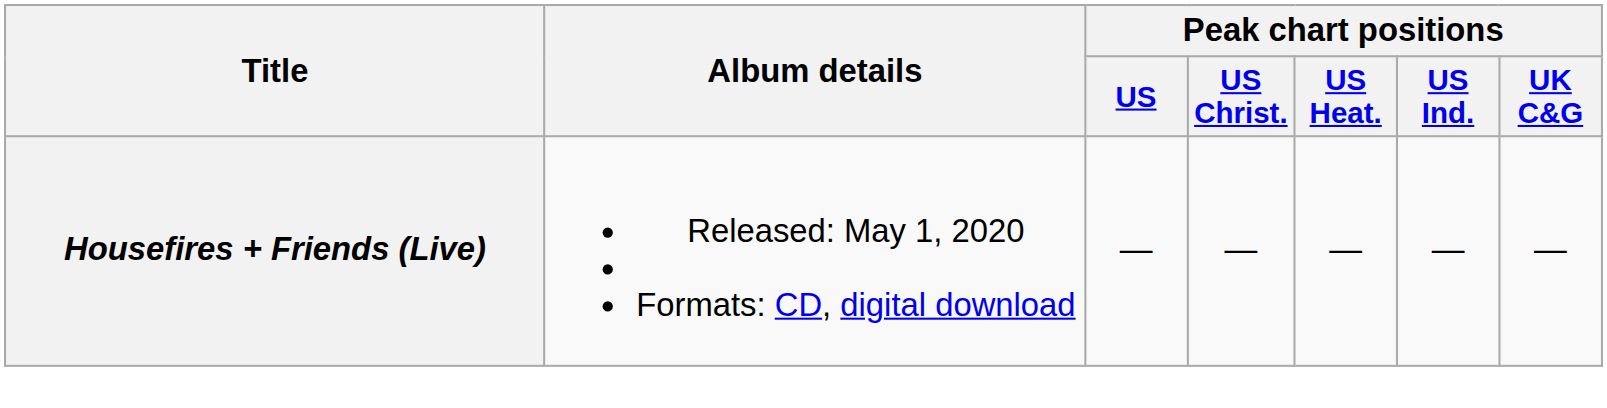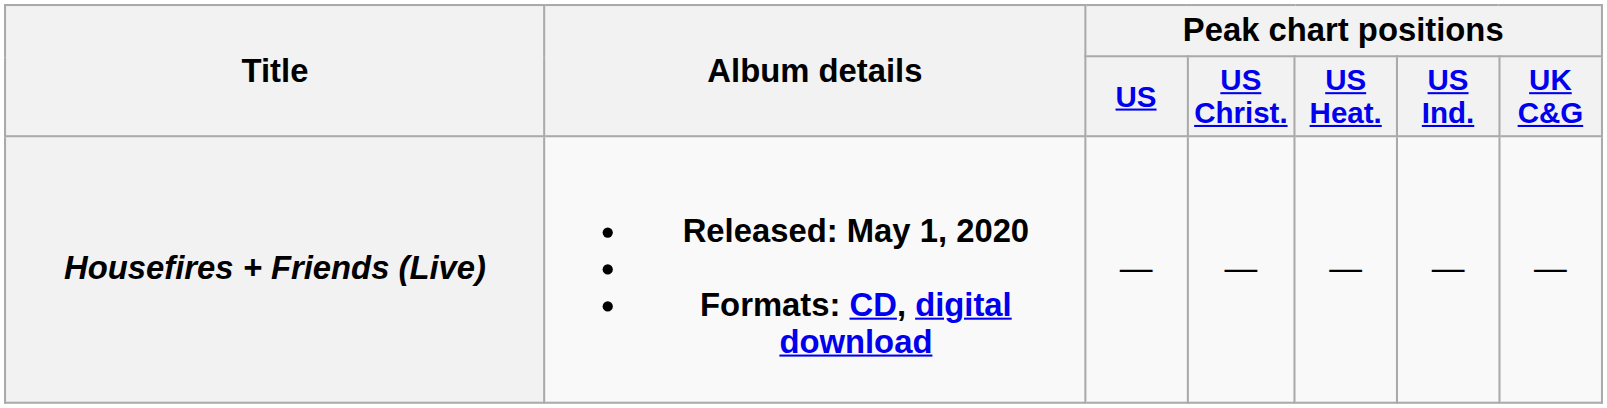 <table class="wikitable plainrowheaders" style="text-align:center;">
 <tr>
 <th scope="col" rowspan="2" style="width:16em;">Title</th>
 <th scope="col" rowspan="2" style="width:16em;">Album details</th>
 <th scope="col" colspan="5">Peak chart positions</th>
 </tr>
 <tr>
 <th style="width:3em; font-size:90%"><a href='#'>US</a><br></th>
 <th style="width:3em; font-size:90%"><a href='#'>US<br>Christ.</a><br></th>
 <th style="width:3em; font-size:90%"><a href='#'>US<br>Heat.</a><br></th>
 <th style="width:3em; font-size:90%"><a href='#'>US<br>Ind.</a><br></th>
 <th style="width:3em; font-size:90%"><a href='#'>UK<br>C&G</a></th>
 </tr>
 <tr>
 <th scope="row"><em>Housefires + Friends (Live)</em></th>
-<td><br><ul><li>Released: May 1, 2020</li><li></li><li>Formats: <a href='#'>CD</a>, <a href='#'>digital download</a></li></ul></td>
+<td><strong><br><ul><li>Released: May 1, 2020</li><li></li><li>Formats: <a href='#'>CD</a>, <a href='#'>digital download</a></li></ul></strong></td>
 <td>—</td>
 <td>—</td>
 <td>—</td>
 <td>—</td>
 <td>—</td>
 </tr>
 </table>
